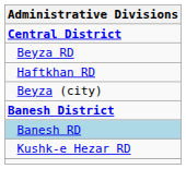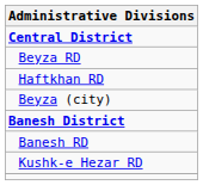 <table class="wikitable">
 <tr>
 <th>Administrative Divisions</th>
 </tr>
 <tr>
 <td><strong><a href='#'>Central District</a></strong></td>
 </tr>
 <tr>
 <td style="padding-left: 1em;"><a href='#'>Beyza RD</a></td>
 </tr>
 <tr>
 <td style="padding-left: 1em;"><a href='#'>Haftkhan RD</a></td>
 </tr>
 <tr>
 <td style="padding-left: 1em;"><a href='#'>Beyza</a> (city)</td>
 </tr>
 <tr>
 <td><strong><a href='#'>Banesh District</a></strong></td>
 </tr>
 <tr>
-<td style="background: lightblue; padding-left: 1em;"><a href='#'>Banesh RD</a></td>
+<td style="padding-left: 1em;"><a href='#'>Banesh RD</a></td>
 </tr>
 <tr>
 <td style="padding-left: 1em;"><a href='#'>Kushk-e Hezar RD</a></td>
 </tr>
 <tr>
 </tr>
 <tr>
 <td colspan=1></td>
 </tr>
 </table>
